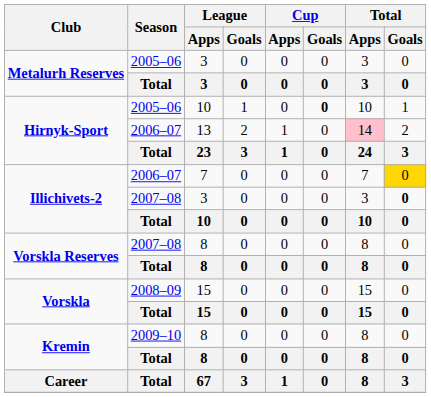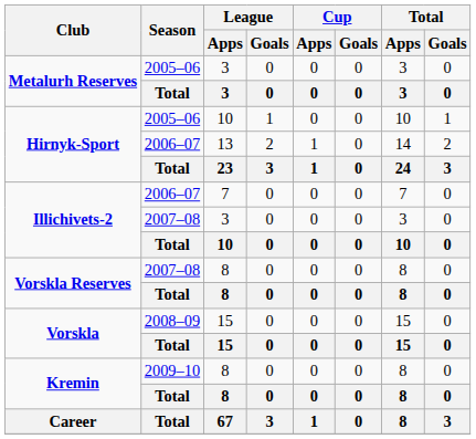 <table class="wikitable sortable" style="text-align: center;">
 <tr>
 <th rowspan="2">Club</th>
 <th rowspan="2">Season</th>
 <th colspan="2">League</th>
 <th colspan="2"><a href='#'>Cup</a></th>
 <th colspan="2">Total</th>
 </tr>
 <tr>
 <th>Apps</th>
 <th>Goals</th>
 <th>Apps</th>
 <th>Goals</th>
 <th>Apps</th>
 <th>Goals</th>
 </tr>
 <tr>
 <td rowspan="2"><strong><a href='#'>Metalurh Reserves</a></strong></td>
 <td><a href='#'>2005–06</a></td>
 <td>3</td>
 <td>0</td>
 <td>0</td>
 <td>0</td>
 <td>3</td>
 <td>0</td>
 </tr>
 <tr>
 <th>Total</th>
 <th>3</th>
 <th>0</th>
 <th>0</th>
 <th>0</th>
 <th>3</th>
 <th>0</th>
 </tr>
 <tr>
 <td rowspan="3"><strong><a href='#'>Hirnyk-Sport</a></strong></td>
 <td><a href='#'>2005–06</a></td>
 <td>10</td>
 <td>1</td>
 <td>0</td>
-<td><strong>0</strong></td>
+<td>0</td>
 <td>10</td>
 <td>1</td>
 </tr>
 <tr>
 <td><a href='#'>2006–07</a></td>
 <td>13</td>
 <td>2</td>
 <td>1</td>
 <td>0</td>
-<td style="background: pink;">14</td>
+<td>14</td>
 <td>2</td>
 </tr>
 <tr>
 <th>Total</th>
 <th>23</th>
 <th>3</th>
 <th>1</th>
 <th>0</th>
 <th>24</th>
 <th>3</th>
 </tr>
 <tr>
 <td rowspan="3"><strong><a href='#'>Illichivets-2</a></strong></td>
 <td><a href='#'>2006–07</a></td>
 <td>7</td>
 <td>0</td>
 <td>0</td>
 <td>0</td>
 <td>7</td>
-<td style="background: gold;">0</td>
+<td>0</td>
 </tr>
 <tr>
 <td><a href='#'>2007–08</a></td>
 <td>3</td>
 <td>0</td>
 <td>0</td>
 <td>0</td>
 <td>3</td>
-<td><strong>0</strong></td>
+<td>0</td>
 </tr>
 <tr>
 <th>Total</th>
 <th>10</th>
 <th>0</th>
 <th>0</th>
 <th>0</th>
 <th>10</th>
 <th>0</th>
 </tr>
 <tr>
 <td rowspan="2"><strong><a href='#'>Vorskla Reserves</a></strong></td>
 <td><a href='#'>2007–08</a></td>
 <td>8</td>
 <td>0</td>
 <td>0</td>
 <td>0</td>
 <td>8</td>
 <td>0</td>
 </tr>
 <tr>
 <th>Total</th>
 <th>8</th>
 <th>0</th>
 <th>0</th>
 <th>0</th>
 <th>8</th>
 <th>0</th>
 </tr>
 <tr>
 <td rowspan="2"><strong><a href='#'>Vorskla</a></strong></td>
 <td><a href='#'>2008–09</a></td>
 <td>15</td>
 <td>0</td>
 <td>0</td>
 <td>0</td>
 <td>15</td>
 <td>0</td>
 </tr>
 <tr>
 <th>Total</th>
 <th>15</th>
 <th>0</th>
 <th>0</th>
 <th>0</th>
 <th>15</th>
 <th>0</th>
 </tr>
 <tr>
 <td rowspan="2"><strong><a href='#'>Kremin</a></strong></td>
 <td><a href='#'>2009–10</a></td>
 <td>8</td>
 <td>0</td>
 <td>0</td>
 <td>0</td>
 <td>8</td>
 <td>0</td>
 </tr>
 <tr>
 <th>Total</th>
 <th>8</th>
 <th>0</th>
 <th>0</th>
 <th>0</th>
 <th>8</th>
 <th>0</th>
 </tr>
 <tr>
 <th>Career</th>
 <th>Total</th>
 <th>67</th>
 <th>3</th>
 <th>1</th>
 <th>0</th>
 <th>8</th>
 <th>3</th>
 </tr>
 <tr>
 </tr>
 </table>
